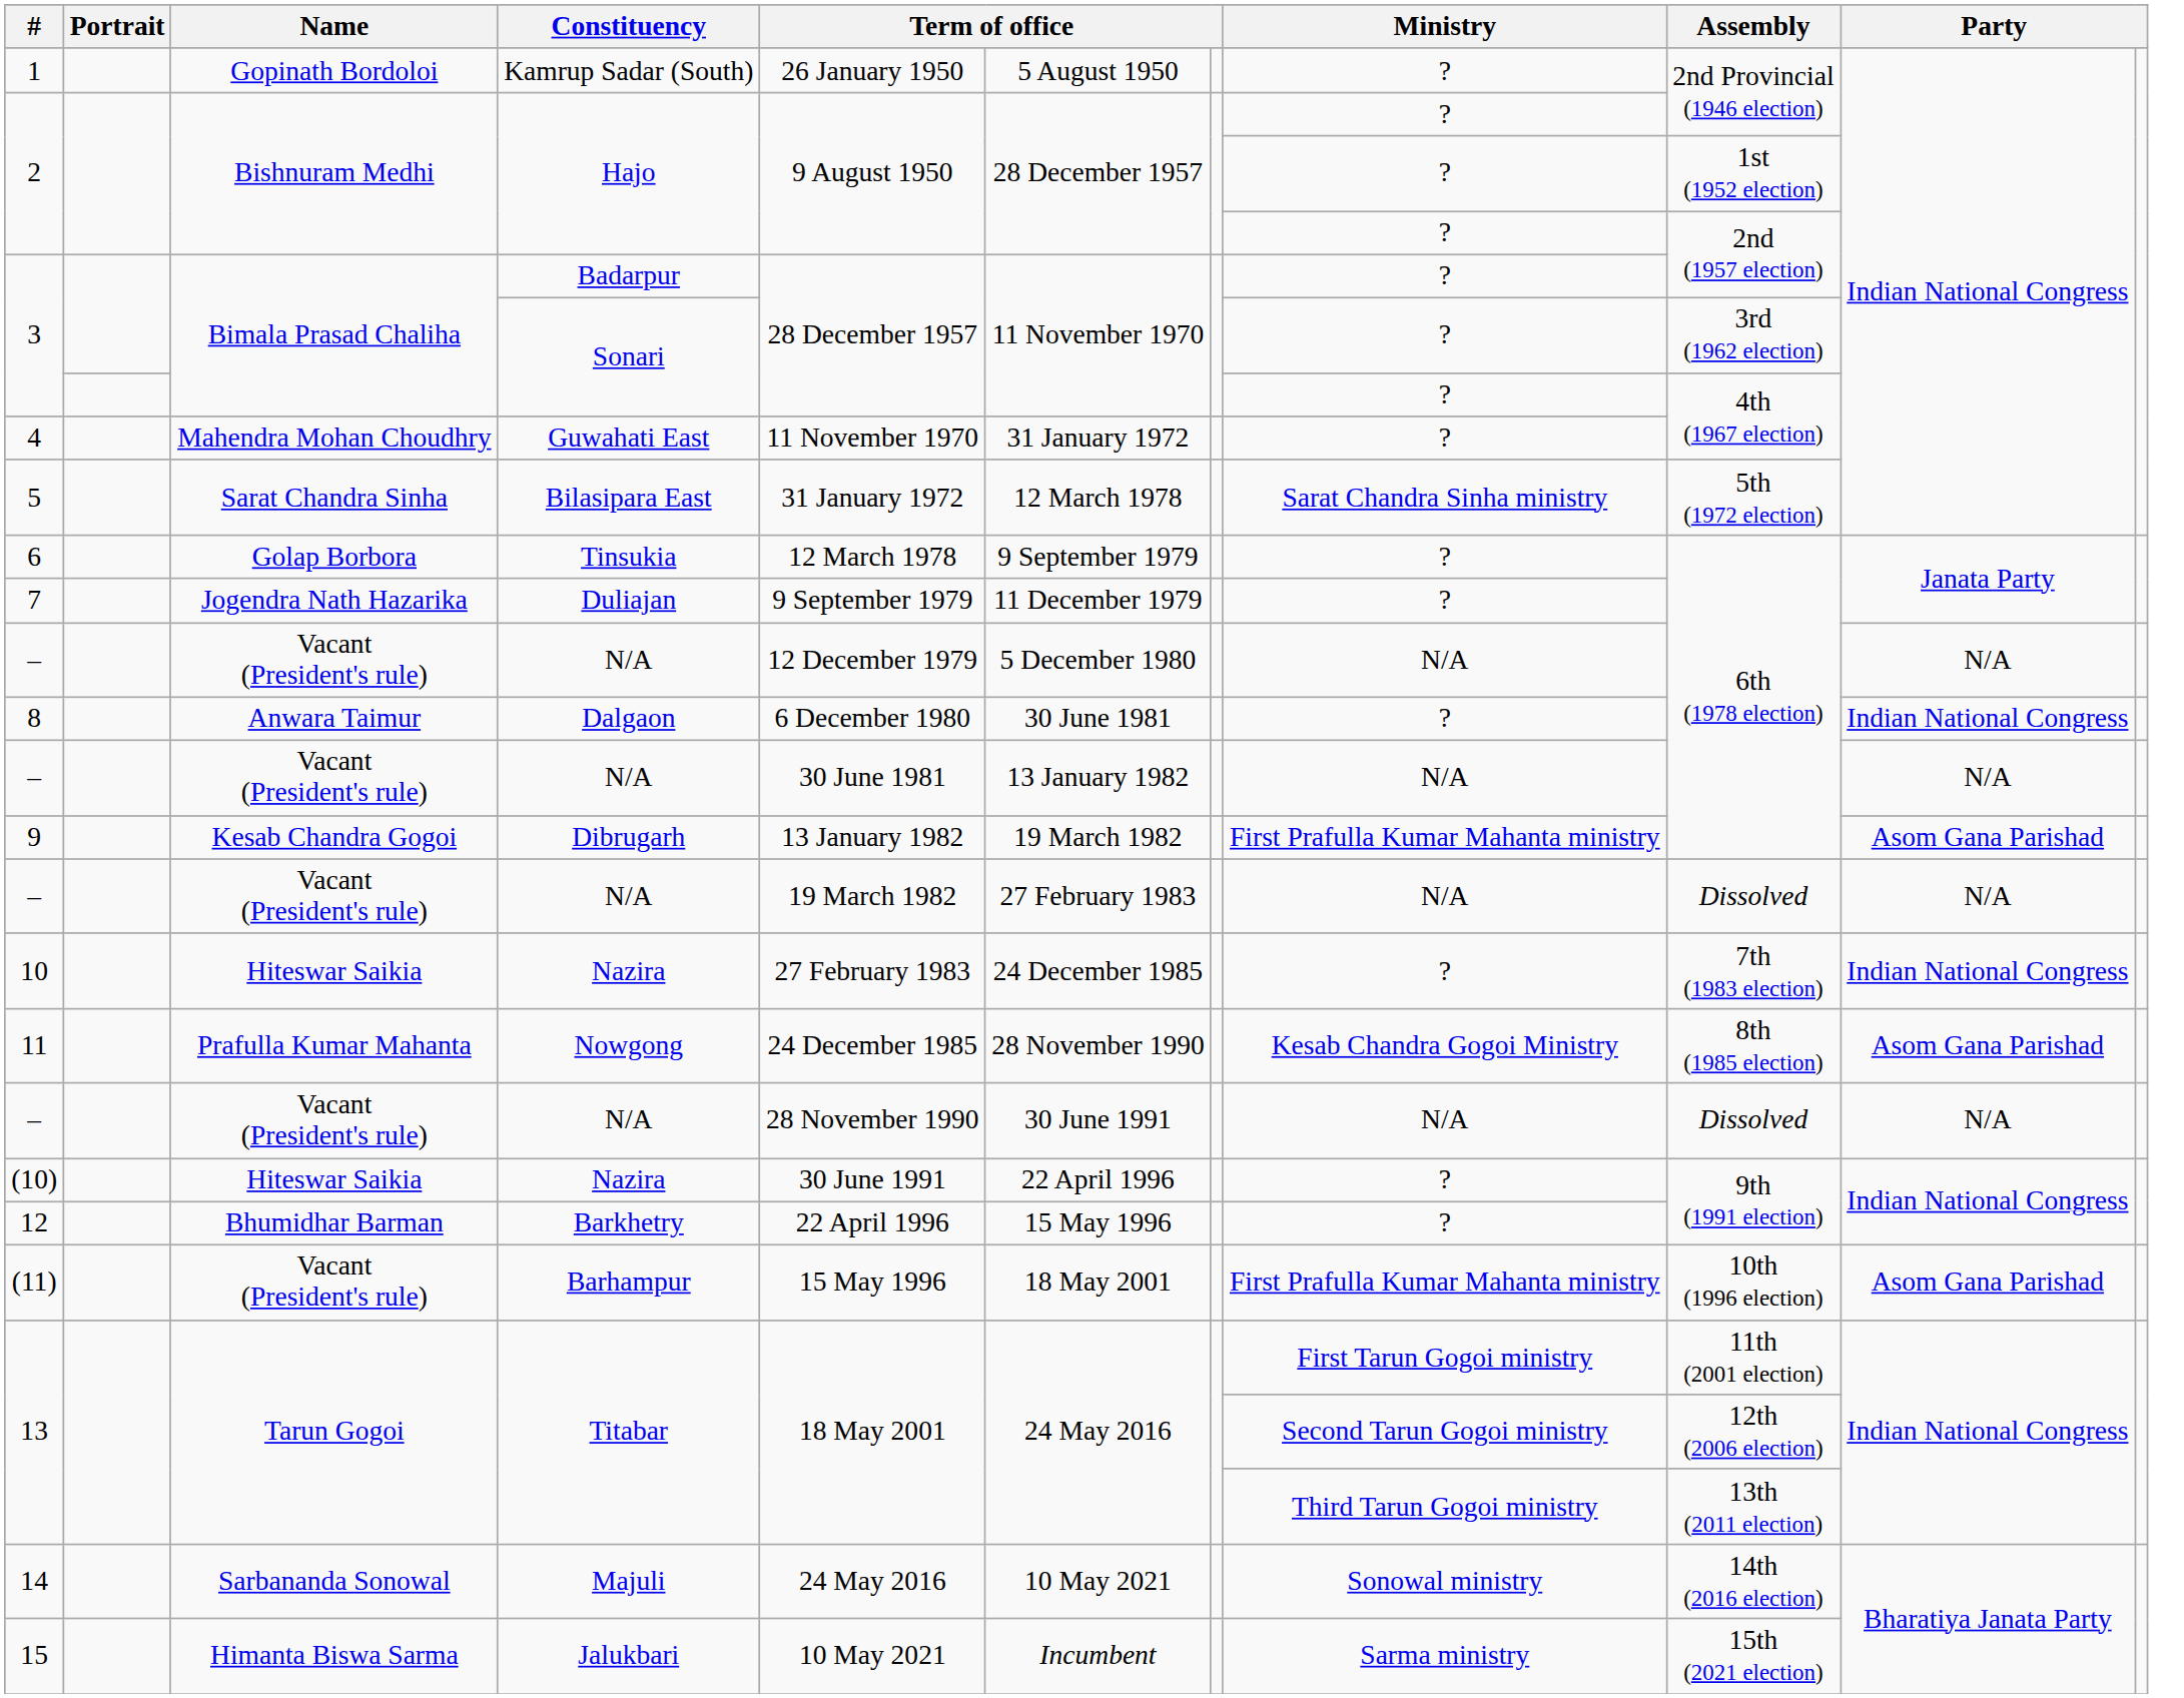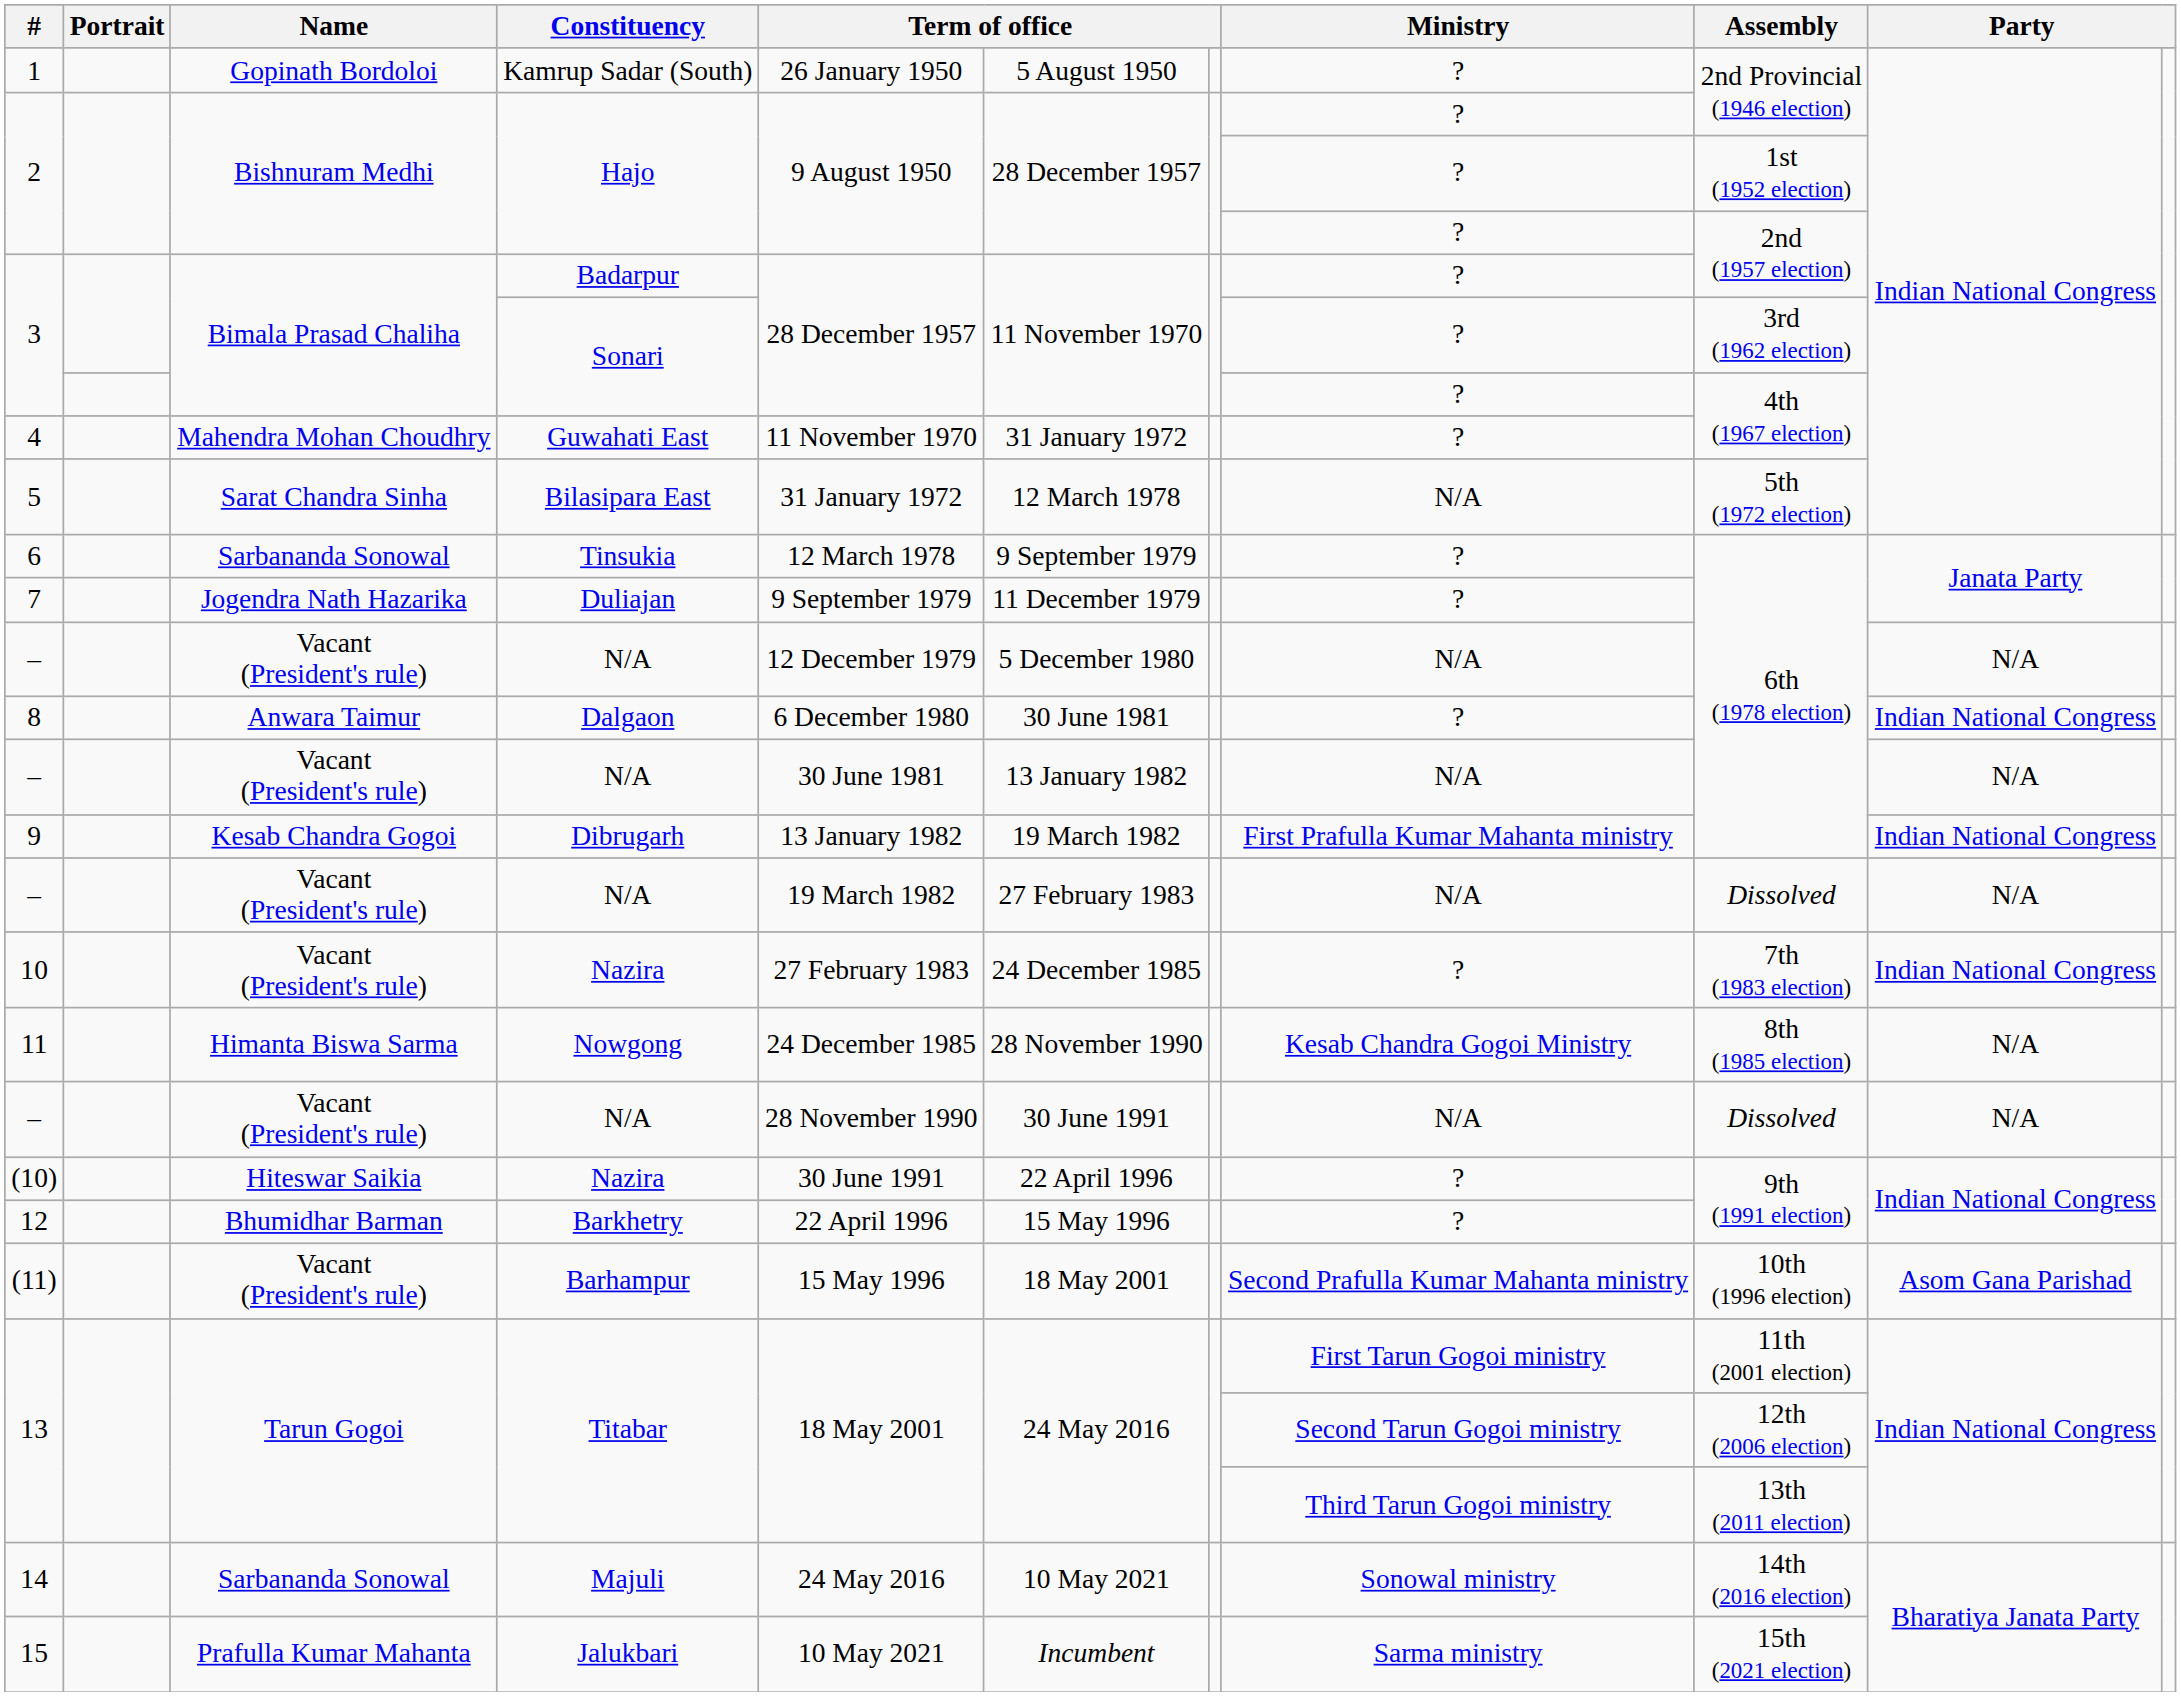 <table class="wikitable" style="text-align:center">
 <tr>
 <th scope="col">#</th>
 <th>Portrait</th>
 <th>Name</th>
 <th><a href='#'>Constituency</a></th>
 <th colspan="3">Term of office</th>
 <th>Ministry</th>
 <th>Assembly</th>
 <th colspan="2">Party</th>
 </tr>
 <tr>
 <td>1</td>
 <td></td>
 <td><a href='#'>Gopinath Bordoloi</a></td>
 <td>Kamrup Sadar (South)</td>
 <td>26 January 1950</td>
 <td>5 August 1950</td>
 <td></td>
 <td>?</td>
 <td rowspan="2">2nd Provincial<br><small>(<a href='#'>1946 election</a>)</small></td>
 <td rowspan="9"><a href='#'>Indian National Congress</a></td>
 <td rowspan="9" style="background-color: "></td>
 </tr>
 <tr>
 <td rowspan="3">2</td>
 <td rowspan="3"></td>
 <td rowspan="3"><a href='#'>Bishnuram Medhi</a></td>
 <td rowspan="3"><a href='#'>Hajo</a></td>
 <td rowspan="3">9 August 1950</td>
 <td rowspan="3">28 December 1957</td>
 <td rowspan="3"></td>
 <td>?</td>
 </tr>
 <tr>
 <td>?</td>
 <td>1st<br><small>(<a href='#'>1952 election</a>)</small></td>
 </tr>
 <tr>
 <td>?</td>
 <td rowspan="2">2nd<br><small>(<a href='#'>1957 election</a>)</small></td>
 </tr>
 <tr>
 <td rowspan="3">3</td>
 <td rowspan="2"></td>
 <td rowspan="3"><a href='#'>Bimala Prasad Chaliha</a></td>
 <td><a href='#'>Badarpur</a></td>
 <td rowspan="3">28 December 1957</td>
 <td rowspan="3">11 November 1970</td>
 <td rowspan="3"></td>
 <td>?</td>
 </tr>
 <tr>
 <td rowspan="2"><a href='#'>Sonari</a></td>
 <td>?</td>
 <td>3rd<br><small>(<a href='#'>1962 election</a>)</small></td>
 </tr>
 <tr>
 <td></td>
 <td>?</td>
 <td rowspan="2">4th<br><small>(<a href='#'>1967 election</a>)</small></td>
 </tr>
 <tr>
 <td>4</td>
 <td></td>
 <td><a href='#'>Mahendra Mohan Choudhry</a></td>
 <td><a href='#'>Guwahati East</a></td>
 <td>11 November 1970</td>
 <td>31 January 1972</td>
 <td></td>
 <td>?</td>
 </tr>
 <tr>
 <td>5</td>
 <td></td>
 <td><a href='#'>Sarat Chandra Sinha</a></td>
 <td><a href='#'>Bilasipara East</a></td>
 <td>31 January 1972</td>
 <td>12 March 1978</td>
 <td></td>
-<td><a href='#'>Sarat Chandra Sinha ministry</a></td>
+<td>N/A</td>
 <td>5th<br><small>(<a href='#'>1972 election</a>)</small></td>
 </tr>
 <tr>
 <td>6</td>
 <td></td>
-<td><a href='#'>Golap Borbora</a></td>
+<td><a href='#'>Sarbananda Sonowal</a></td>
 <td><a href='#'>Tinsukia</a></td>
 <td>12 March 1978</td>
 <td>9 September 1979</td>
 <td></td>
 <td>?</td>
 <td rowspan="6">6th<br><small>(<a href='#'>1978 election</a>)</small></td>
 <td rowspan="2"><a href='#'>Janata Party</a></td>
 <td rowspan="2" style="background-color: "></td>
 </tr>
 <tr>
 <td>7</td>
 <td></td>
 <td><a href='#'>Jogendra Nath Hazarika</a></td>
 <td><a href='#'>Duliajan</a></td>
 <td>9 September 1979</td>
 <td>11 December 1979</td>
 <td></td>
 <td>?</td>
 </tr>
 <tr>
 <td>–</td>
 <td></td>
 <td>Vacant<br>(<a href='#'>President's rule</a>)</td>
 <td>N/A</td>
 <td>12 December 1979</td>
 <td>5 December 1980</td>
 <td></td>
 <td>N/A</td>
 <td>N/A</td>
 <td></td>
 </tr>
 <tr>
 <td>8</td>
 <td></td>
 <td><a href='#'>Anwara Taimur</a></td>
 <td><a href='#'>Dalgaon</a></td>
 <td>6 December 1980</td>
 <td>30 June 1981</td>
 <td></td>
 <td>?</td>
 <td><a href='#'>Indian National Congress</a></td>
 <td style="background-color: "></td>
 </tr>
 <tr>
 <td>–</td>
 <td></td>
 <td>Vacant<br>(<a href='#'>President's rule</a>)</td>
 <td>N/A</td>
 <td>30 June 1981</td>
 <td>13 January 1982</td>
 <td></td>
 <td>N/A</td>
 <td>N/A</td>
 <td></td>
 </tr>
 <tr>
 <td>9</td>
 <td></td>
 <td><a href='#'>Kesab Chandra Gogoi</a></td>
 <td><a href='#'>Dibrugarh</a></td>
 <td>13 January 1982</td>
 <td>19 March 1982</td>
 <td></td>
 <td><a href='#'>First Prafulla Kumar Mahanta ministry</a></td>
-<td><a href='#'>Asom Gana Parishad</a></td>
+<td><a href='#'>Indian National Congress</a></td>
 <td style="background-color: "></td>
 </tr>
 <tr>
 <td>–</td>
 <td></td>
 <td>Vacant<br>(<a href='#'>President's rule</a>)</td>
 <td>N/A</td>
 <td>19 March 1982</td>
 <td>27 February 1983</td>
 <td></td>
 <td>N/A</td>
 <td><em>Dissolved</em></td>
 <td>N/A</td>
 <td></td>
 </tr>
 <tr>
 <td>10</td>
 <td></td>
-<td><a href='#'>Hiteswar Saikia</a></td>
+<td>Vacant<br>(<a href='#'>President's rule</a>)</td>
 <td><a href='#'>Nazira</a></td>
 <td>27 February 1983</td>
 <td>24 December 1985</td>
 <td></td>
 <td>?</td>
 <td>7th<br><small>(<a href='#'>1983 election</a>)</small></td>
 <td><a href='#'>Indian National Congress</a></td>
 <td style="background-color: "></td>
 </tr>
 <tr>
 <td>11</td>
 <td></td>
-<td><a href='#'>Prafulla Kumar Mahanta</a></td>
+<td><a href='#'>Himanta Biswa Sarma</a></td>
 <td><a href='#'>Nowgong</a></td>
 <td>24 December 1985</td>
 <td>28 November 1990</td>
 <td></td>
 <td><a href='#'>Kesab Chandra Gogoi Ministry</a></td>
 <td>8th<br><small>(<a href='#'>1985 election</a>)</small></td>
-<td><a href='#'>Asom Gana Parishad</a></td>
+<td>N/A</td>
 <td style="background-color: "></td>
 </tr>
 <tr>
 <td>–</td>
 <td></td>
 <td>Vacant<br>(<a href='#'>President's rule</a>)</td>
 <td>N/A</td>
 <td>28 November 1990</td>
 <td>30 June 1991</td>
 <td></td>
 <td>N/A</td>
 <td><em>Dissolved</em></td>
 <td>N/A</td>
 <td></td>
 </tr>
 <tr>
 <td>(10)</td>
 <td></td>
 <td><a href='#'>Hiteswar Saikia</a></td>
 <td><a href='#'>Nazira</a></td>
 <td>30 June 1991</td>
 <td>22 April 1996</td>
 <td></td>
 <td>?</td>
 <td rowspan="2">9th<br><small>(<a href='#'>1991 election</a>)</small></td>
 <td rowspan="2"><a href='#'>Indian National Congress</a></td>
 <td rowspan="2" style="background-color: "></td>
 </tr>
 <tr>
 <td>12</td>
 <td></td>
 <td><a href='#'>Bhumidhar Barman</a></td>
 <td><a href='#'>Barkhetry</a></td>
 <td>22 April 1996</td>
 <td>15 May 1996</td>
 <td></td>
 <td>?</td>
 </tr>
 <tr>
 <td>(11)</td>
 <td></td>
 <td>Vacant<br>(<a href='#'>President's rule</a>)</td>
 <td><a href='#'>Barhampur</a></td>
 <td>15 May 1996</td>
 <td>18 May 2001</td>
 <td></td>
-<td><a href='#'>First Prafulla Kumar Mahanta ministry</a></td>
+<td><a href='#'>Second Prafulla Kumar Mahanta ministry</a></td>
 <td>10th<br><small>(1996 election)</small></td>
 <td><a href='#'>Asom Gana Parishad</a></td>
 <td style="background-color: "></td>
 </tr>
 <tr>
 <td rowspan="3">13</td>
 <td rowspan="3"></td>
 <td rowspan="3"><a href='#'>Tarun Gogoi</a></td>
 <td rowspan="3"><a href='#'>Titabar</a></td>
 <td rowspan="3">18 May 2001</td>
 <td rowspan="3">24 May 2016</td>
 <td rowspan="3"></td>
 <td><a href='#'>First Tarun Gogoi ministry</a></td>
 <td>11th<br><small>(2001 election)</small></td>
 <td rowspan="3"><a href='#'>Indian National Congress</a></td>
 <td rowspan="3" style="background-color: "></td>
 </tr>
 <tr>
 <td><a href='#'>Second Tarun Gogoi ministry</a></td>
 <td>12th<br><small>(<a href='#'>2006 election</a>)</small></td>
 </tr>
 <tr>
 <td><a href='#'>Third Tarun Gogoi ministry</a></td>
 <td>13th<br><small>(<a href='#'>2011 election</a>)</small></td>
 </tr>
 <tr>
 <td>14</td>
 <td></td>
 <td><a href='#'>Sarbananda Sonowal</a></td>
 <td><a href='#'>Majuli</a></td>
 <td>24 May 2016</td>
 <td>10 May 2021</td>
 <td></td>
 <td><a href='#'>Sonowal ministry</a></td>
 <td>14th<br><small>(<a href='#'>2016 election</a>)</small></td>
 <td rowspan="2"><a href='#'>Bharatiya Janata Party</a></td>
 <td rowspan="2" style="background-color: "></td>
 </tr>
 <tr>
 <td>15</td>
 <td></td>
-<td><a href='#'>Himanta Biswa Sarma</a></td>
+<td><a href='#'>Prafulla Kumar Mahanta</a></td>
 <td><a href='#'>Jalukbari</a></td>
 <td>10 May 2021</td>
 <td><em>Incumbent</em></td>
 <td></td>
 <td><a href='#'>Sarma ministry</a></td>
 <td>15th<br><small>(<a href='#'>2021 election</a>)</small></td>
 </tr>
 </table>
